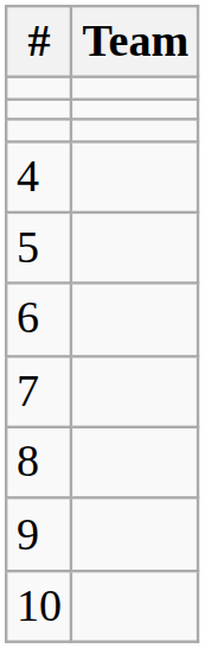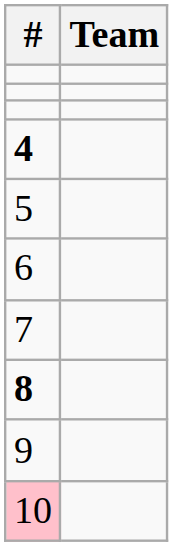 <table class="wikitable">
 <tr>
 <th>#</th>
 <th>Team</th>
 </tr>
 <tr>
 <td></td>
 <td><strong></strong></td>
 </tr>
 <tr>
 <td></td>
 <td></td>
 </tr>
 <tr>
 <td></td>
 <td></td>
 </tr>
 <tr>
-<td>4</td>
+<td><strong>4</strong></td>
 <td></td>
 </tr>
 <tr>
 <td>5</td>
 <td></td>
 </tr>
 <tr>
 <td>6</td>
 <td></td>
 </tr>
 <tr>
 <td>7</td>
 <td></td>
 </tr>
 <tr>
-<td>8</td>
+<td><strong>8</strong></td>
 <td></td>
 </tr>
 <tr>
 <td>9</td>
 <td></td>
 </tr>
 <tr>
-<td>10</td>
+<td style="background: pink;">10</td>
 <td></td>
 </tr>
 </table>
